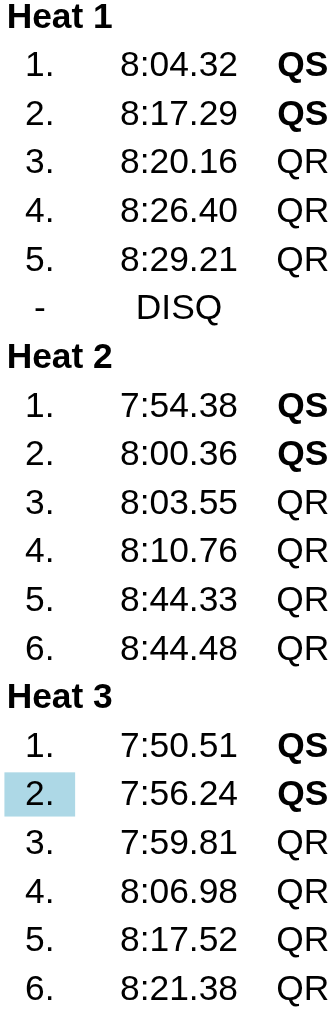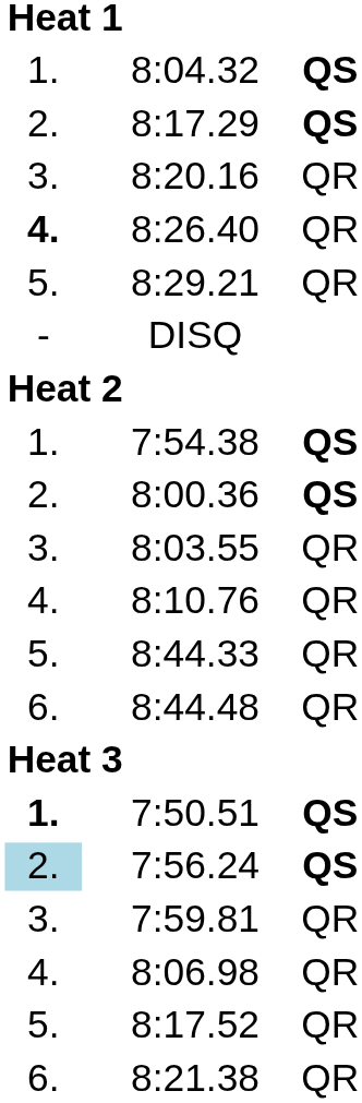 <table style="text-align:center">
 <tr>
 <td colspan=4 align=left><strong>Heat 1</strong></td>
 </tr>
 <tr>
 <td width=30>1.</td>
 <td align=left></td>
 <td width=80>8:04.32</td>
 <td><strong>QS</strong></td>
 </tr>
 <tr>
 <td>2.</td>
 <td align=left></td>
 <td>8:17.29</td>
 <td><strong>QS</strong></td>
 </tr>
 <tr>
 <td>3.</td>
 <td align=left></td>
 <td>8:20.16</td>
 <td>QR</td>
 </tr>
 <tr>
-<td>4.</td>
+<td><strong>4.</strong></td>
 <td align=left></td>
 <td>8:26.40</td>
 <td>QR</td>
 </tr>
 <tr>
 <td>5.</td>
 <td align=left></td>
 <td>8:29.21</td>
 <td>QR</td>
 </tr>
 <tr>
 <td>-</td>
 <td align=left></td>
 <td>DISQ</td>
 <td></td>
 </tr>
 <tr>
 <td colspan=4 align=left><strong>Heat 2</strong></td>
 </tr>
 <tr>
 <td>1.</td>
 <td align=left></td>
 <td>7:54.38</td>
 <td><strong>QS</strong></td>
 </tr>
 <tr>
 <td>2.</td>
 <td align=left></td>
 <td>8:00.36</td>
 <td><strong>QS</strong></td>
 </tr>
 <tr>
 <td>3.</td>
 <td align=left></td>
 <td>8:03.55</td>
 <td>QR</td>
 </tr>
 <tr>
 <td>4.</td>
 <td align=left></td>
 <td>8:10.76</td>
 <td>QR</td>
 </tr>
 <tr>
 <td>5.</td>
 <td align=left></td>
 <td>8:44.33</td>
 <td>QR</td>
 </tr>
 <tr>
 <td>6.</td>
 <td align=left></td>
 <td>8:44.48</td>
 <td>QR</td>
 </tr>
 <tr>
 <td colspan=4 align=left><strong>Heat 3</strong></td>
 </tr>
 <tr>
-<td>1.</td>
+<td><strong>1.</strong></td>
 <td align=left></td>
 <td>7:50.51</td>
 <td><strong>QS</strong></td>
 </tr>
 <tr>
 <td style="background: lightblue;">2.</td>
 <td align=left></td>
 <td>7:56.24</td>
 <td><strong>QS</strong></td>
 </tr>
 <tr>
 <td>3.</td>
 <td align=left></td>
 <td>7:59.81</td>
 <td>QR</td>
 </tr>
 <tr>
 <td>4.</td>
 <td align=left></td>
 <td>8:06.98</td>
 <td>QR</td>
 </tr>
 <tr>
 <td>5.</td>
 <td align=left></td>
 <td>8:17.52</td>
 <td>QR</td>
 </tr>
 <tr>
 <td>6.</td>
 <td align=left></td>
 <td>8:21.38</td>
 <td>QR</td>
 </tr>
 </table>
